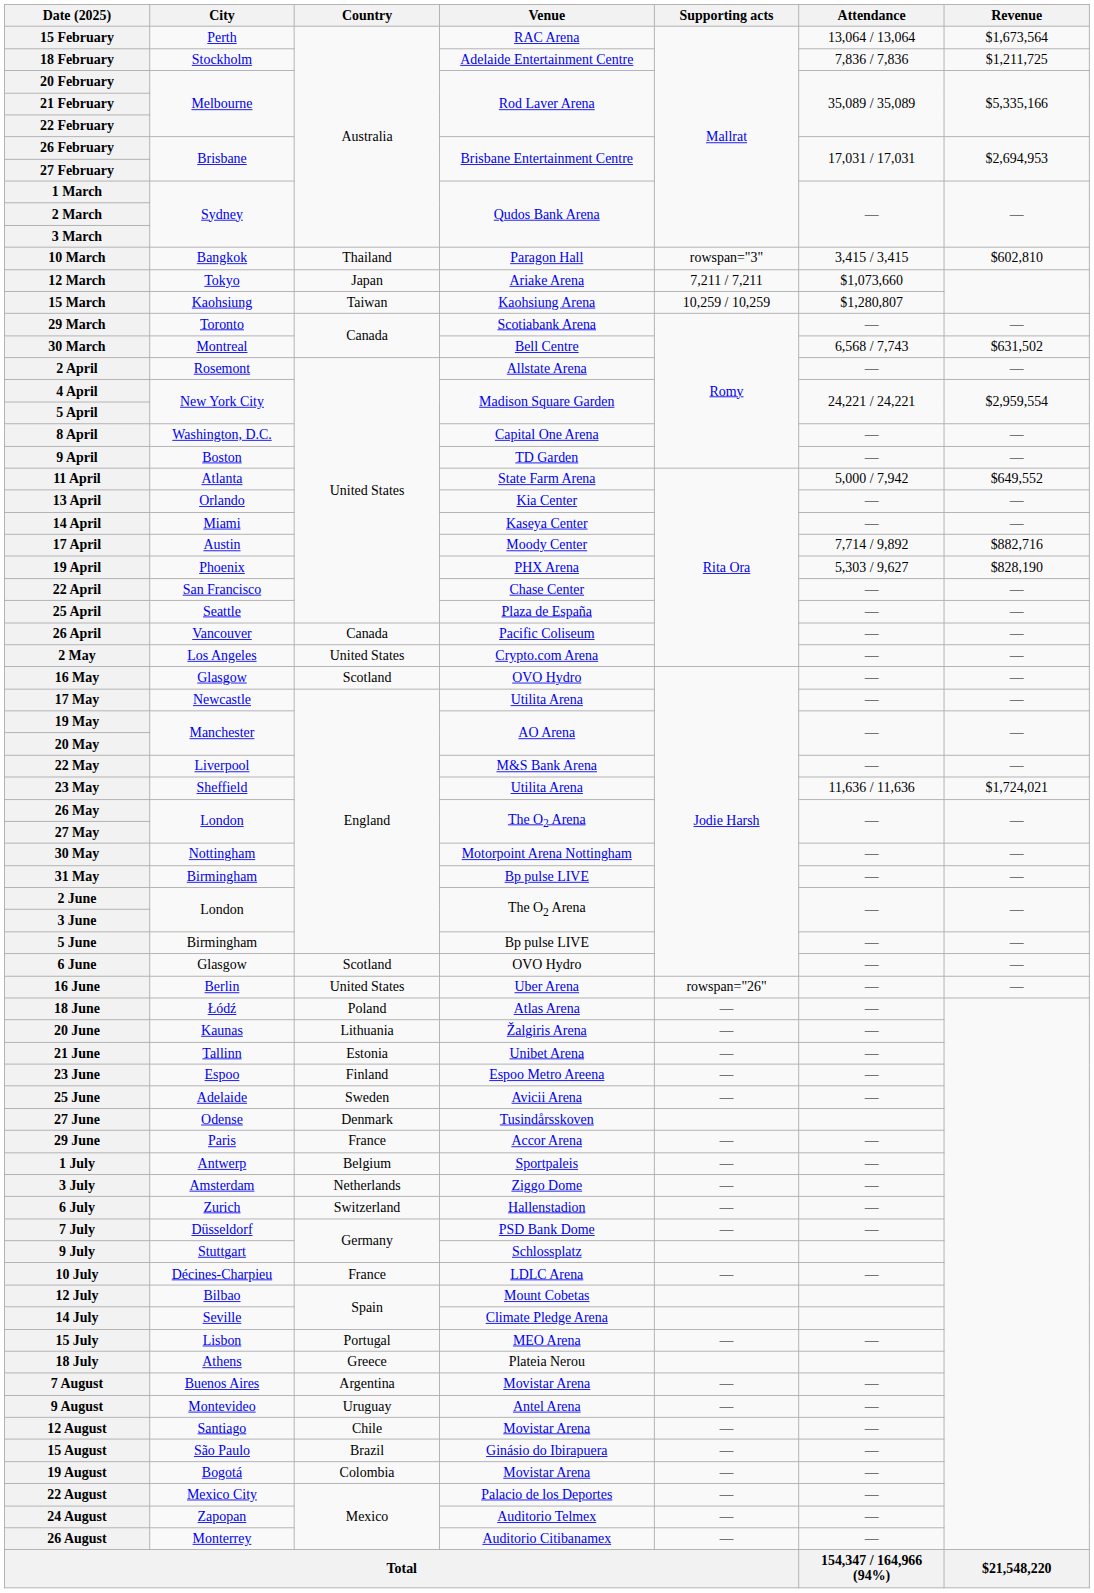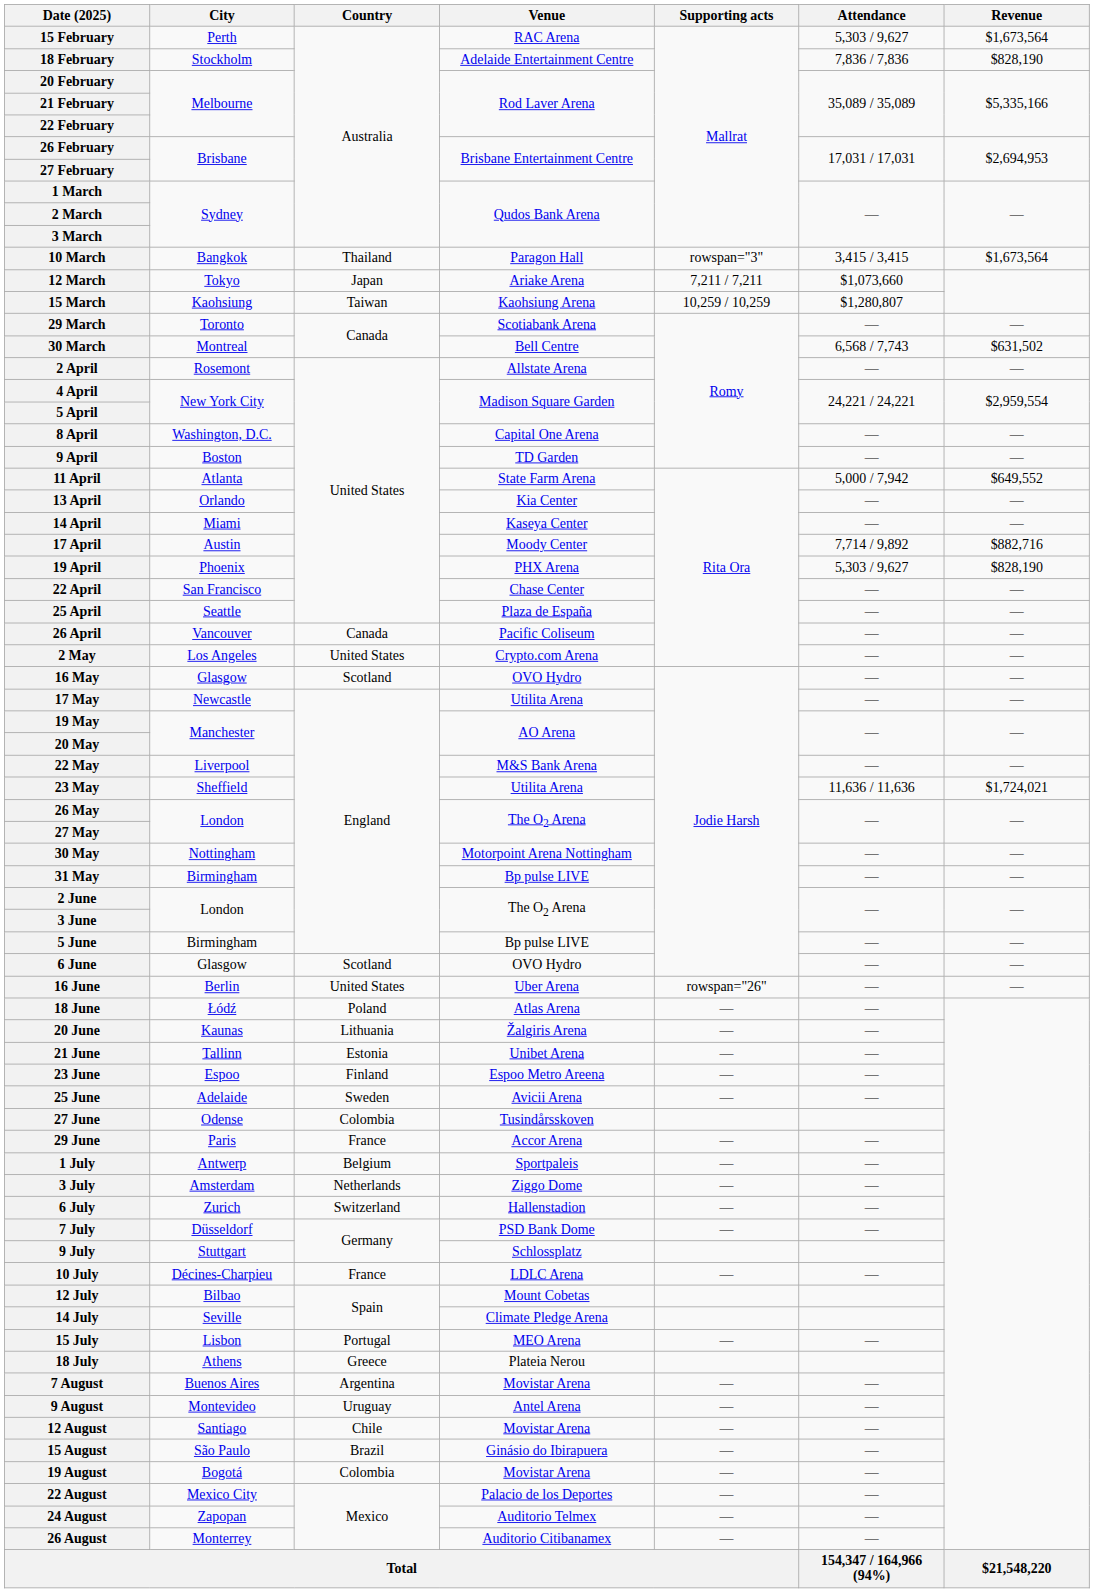 <table class="wikitable plainrowheaders" style="text-align:center;">
 <tr>
 <th scope="col" style="width:10em;">Date (2025)</th>
 <th scope="col" style="width:10em;">City</th>
 <th scope="col" style="width:10em;">Country</th>
 <th scope="col" style="width:15em;">Venue</th>
 <th scope="col" style="width:10em;">Supporting acts</th>
 <th scope="col" style="width:10em;">Attendance</th>
 <th scope="col" style="width:10em;">Revenue</th>
 </tr>
 <tr>
 <th scope="row" style="text-align:center;">15 February</th>
 <td><a href='#'>Perth</a></td>
 <td rowspan="10">Australia</td>
 <td><a href='#'>RAC Arena</a></td>
 <td rowspan="10"><a href='#'>Mallrat</a></td>
-<td>13,064 / 13,064</td>
+<td>5,303 / 9,627</td>
 <td>$1,673,564</td>
 </tr>
 <tr>
 <th scope="row" style="text-align:center;">18 February</th>
 <td><a href='#'>Stockholm</a></td>
 <td><a href='#'>Adelaide Entertainment Centre</a></td>
 <td>7,836 / 7,836</td>
-<td>$1,211,725</td>
+<td>$828,190</td>
 </tr>
 <tr>
 <th scope="row" style="text-align:center;">20 February</th>
 <td rowspan="3"><a href='#'>Melbourne</a></td>
 <td rowspan="3"><a href='#'>Rod Laver Arena</a></td>
 <td rowspan="3">35,089 / 35,089</td>
 <td rowspan="3">$5,335,166</td>
 </tr>
 <tr>
 <th scope="row" style="text-align:center;">21 February</th>
 </tr>
 <tr>
 <th scope="row" style="text-align:center;">22 February</th>
 </tr>
 <tr>
 <th scope="row" style="text-align:center;">26 February</th>
 <td rowspan="2"><a href='#'>Brisbane</a></td>
 <td rowspan="2"><a href='#'>Brisbane Entertainment Centre</a></td>
 <td rowspan="2">17,031 / 17,031</td>
 <td rowspan="2">$2,694,953</td>
 </tr>
 <tr>
 <th scope="row" style="text-align:center;">27 February</th>
 </tr>
 <tr>
 <th scope="row" style="text-align:center;">1 March</th>
 <td rowspan="3"><a href='#'>Sydney</a></td>
 <td rowspan="3"><a href='#'>Qudos Bank Arena</a></td>
 <td rowspan="3">—</td>
 <td rowspan="3">—</td>
 </tr>
 <tr>
 <th scope="row" style="text-align:center;">2 March</th>
 </tr>
 <tr>
 <th scope="row" style="text-align:center;">3 March</th>
 </tr>
 <tr>
 <th scope="row" style="text-align:center;">10 March</th>
 <td><a href='#'>Bangkok</a></td>
 <td>Thailand</td>
 <td><a href='#'>Paragon Hall</a></td>
 <td>rowspan="3" </td>
 <td>3,415 / 3,415</td>
-<td>$602,810</td>
+<td>$1,673,564</td>
 </tr>
 <tr>
 <th scope="row" style="text-align:center;">12 March</th>
 <td><a href='#'>Tokyo</a></td>
 <td>Japan</td>
 <td><a href='#'>Ariake Arena</a></td>
 <td>7,211 / 7,211</td>
 <td>$1,073,660</td>
 </tr>
 <tr>
 <th scope="row" style="text-align:center;">15 March</th>
 <td><a href='#'>Kaohsiung</a></td>
 <td>Taiwan</td>
 <td><a href='#'>Kaohsiung Arena</a></td>
 <td>10,259 / 10,259</td>
 <td>$1,280,807</td>
 </tr>
 <tr>
 <th scope="row" style="text-align:center;">29 March</th>
 <td><a href='#'>Toronto</a></td>
 <td rowspan="2">Canada</td>
 <td><a href='#'>Scotiabank Arena</a></td>
 <td rowspan="7"><a href='#'>Romy</a></td>
 <td>—</td>
 <td>—</td>
 </tr>
 <tr>
 <th scope="row" style="text-align:center;">30 March</th>
 <td><a href='#'>Montreal</a></td>
 <td><a href='#'>Bell Centre</a></td>
 <td>6,568 / 7,743</td>
 <td>$631,502</td>
 </tr>
 <tr>
 <th scope="row" style="text-align:center;">2 April</th>
 <td><a href='#'>Rosemont</a></td>
 <td rowspan="12">United States</td>
 <td><a href='#'>Allstate Arena</a></td>
 <td>—</td>
 <td>—</td>
 </tr>
 <tr>
 <th scope="row" style="text-align:center;">4 April</th>
 <td rowspan="2"><a href='#'>New York City</a></td>
 <td rowspan="2"><a href='#'>Madison Square Garden</a></td>
 <td rowspan="2">24,221 / 24,221</td>
 <td rowspan="2">$2,959,554</td>
 </tr>
 <tr>
 <th scope="row" style="text-align:center;">5 April</th>
 </tr>
 <tr>
 <th scope="row" style="text-align:center;">8 April</th>
 <td><a href='#'>Washington, D.C.</a></td>
 <td><a href='#'>Capital One Arena</a></td>
 <td>—</td>
 <td>—</td>
 </tr>
 <tr>
 <th scope="row" style="text-align:center;">9 April</th>
 <td><a href='#'>Boston</a></td>
 <td><a href='#'>TD Garden</a></td>
 <td>—</td>
 <td>—</td>
 </tr>
 <tr>
 <th scope="row" style="text-align:center;">11 April</th>
 <td><a href='#'>Atlanta</a></td>
 <td><a href='#'>State Farm Arena</a></td>
 <td rowspan="9"><a href='#'>Rita Ora</a></td>
 <td>5,000 / 7,942</td>
 <td>$649,552</td>
 </tr>
 <tr>
 <th scope="row" style="text-align:center;">13 April</th>
 <td><a href='#'>Orlando</a></td>
 <td><a href='#'>Kia Center</a></td>
 <td>—</td>
 <td>—</td>
 </tr>
 <tr>
 <th scope="row" style="text-align:center;">14 April</th>
 <td><a href='#'>Miami</a></td>
 <td><a href='#'>Kaseya Center</a></td>
 <td>—</td>
 <td>—</td>
 </tr>
 <tr>
 <th scope="row" style="text-align:center;">17 April</th>
 <td><a href='#'>Austin</a></td>
 <td><a href='#'>Moody Center</a></td>
 <td>7,714 / 9,892</td>
 <td>$882,716</td>
 </tr>
 <tr>
 <th scope="row" style="text-align:center;">19 April</th>
 <td><a href='#'>Phoenix</a></td>
 <td><a href='#'>PHX Arena</a></td>
 <td>5,303 / 9,627</td>
 <td>$828,190</td>
 </tr>
 <tr>
 <th scope="row" style="text-align:center;">22 April</th>
 <td><a href='#'>San Francisco</a></td>
 <td><a href='#'>Chase Center</a></td>
 <td>—</td>
 <td>—</td>
 </tr>
 <tr>
 <th scope="row" style="text-align:center;">25 April</th>
 <td><a href='#'>Seattle</a></td>
 <td><a href='#'>Plaza de España</a></td>
 <td>—</td>
 <td>—</td>
 </tr>
 <tr>
 <th scope="row" style="text-align:center;">26 April</th>
 <td><a href='#'>Vancouver</a></td>
 <td>Canada</td>
 <td><a href='#'>Pacific Coliseum</a></td>
 <td>—</td>
 <td>—</td>
 </tr>
 <tr>
 <th scope="row" style="text-align:center;">2 May</th>
 <td><a href='#'>Los Angeles</a></td>
 <td>United States</td>
 <td><a href='#'>Crypto.com Arena</a></td>
 <td>—</td>
 <td>—</td>
 </tr>
 <tr>
 <th scope="row" style="text-align:center;">16 May</th>
 <td><a href='#'>Glasgow</a></td>
 <td>Scotland</td>
 <td><a href='#'>OVO Hydro</a></td>
 <td rowspan="14"><a href='#'>Jodie Harsh</a></td>
 <td>—</td>
 <td>—</td>
 </tr>
 <tr>
 <th scope="row" style="text-align:center;">17 May</th>
 <td><a href='#'>Newcastle</a></td>
 <td rowspan="12">England</td>
 <td><a href='#'>Utilita Arena</a></td>
 <td>—</td>
 <td>—</td>
 </tr>
 <tr>
 <th scope="row" style="text-align:center;">19 May</th>
 <td rowspan="2"><a href='#'>Manchester</a></td>
 <td rowspan="2"><a href='#'>AO Arena</a></td>
 <td rowspan="2">—</td>
 <td rowspan="2">—</td>
 </tr>
 <tr>
 <th scope="row" style="text-align:center;">20 May</th>
 </tr>
 <tr>
 <th scope="row" style="text-align:center;">22 May</th>
 <td><a href='#'>Liverpool</a></td>
 <td><a href='#'>M&S Bank Arena</a></td>
 <td>—</td>
 <td>—</td>
 </tr>
 <tr>
 <th scope="row" style="text-align:center;">23 May</th>
 <td><a href='#'>Sheffield</a></td>
 <td><a href='#'>Utilita Arena</a></td>
 <td>11,636 / 11,636</td>
 <td>$1,724,021</td>
 </tr>
 <tr>
 <th scope="row" style="text-align:center;">26 May</th>
 <td rowspan="2"><a href='#'>London</a></td>
 <td rowspan="2"><a href='#'>The O<sub>2</sub> Arena</a></td>
 <td rowspan="2">—</td>
 <td rowspan="2">—</td>
 </tr>
 <tr>
 <th scope="row" style="text-align:center;">27 May</th>
 </tr>
 <tr>
 <th scope="row" style="text-align:center;">30 May</th>
 <td><a href='#'>Nottingham</a></td>
 <td><a href='#'>Motorpoint Arena Nottingham</a></td>
 <td>—</td>
 <td>—</td>
 </tr>
 <tr>
 <th scope="row" style="text-align:center;">31 May</th>
 <td><a href='#'>Birmingham</a></td>
 <td><a href='#'>Bp pulse LIVE</a></td>
 <td>—</td>
 <td>—</td>
 </tr>
 <tr>
 <th scope="row" style="text-align:center;">2 June</th>
 <td rowspan="2">London</td>
 <td rowspan="2">The O<sub>2</sub> Arena</td>
 <td rowspan="2">—</td>
 <td rowspan="2">—</td>
 </tr>
 <tr>
 <th scope="row" style="text-align:center;">3 June</th>
 </tr>
 <tr>
 <th scope="row" style="text-align:center;">5 June</th>
 <td>Birmingham</td>
 <td>Bp pulse LIVE</td>
 <td>—</td>
 <td>—</td>
 </tr>
 <tr>
 <th scope="row" style="text-align:center;">6 June</th>
 <td>Glasgow</td>
 <td>Scotland</td>
 <td>OVO Hydro</td>
 <td>—</td>
 <td>—</td>
 </tr>
 <tr>
 <th scope="row" style="text-align:center;">16 June</th>
 <td><a href='#'>Berlin</a></td>
 <td>United States</td>
 <td><a href='#'>Uber Arena</a></td>
 <td>rowspan="26" </td>
 <td>—</td>
 <td>—</td>
 </tr>
 <tr>
 <th scope="row" style="text-align:center;">18 June</th>
 <td><a href='#'>Łódź</a></td>
 <td>Poland</td>
 <td><a href='#'>Atlas Arena</a></td>
 <td>—</td>
 <td>—</td>
 </tr>
 <tr>
 <th scope="row" style="text-align:center;">20 June</th>
 <td><a href='#'>Kaunas</a></td>
 <td>Lithuania</td>
 <td><a href='#'>Žalgiris Arena</a></td>
 <td>—</td>
 <td>—</td>
 </tr>
 <tr>
 <th scope="row" style="text-align:center;">21 June</th>
 <td><a href='#'>Tallinn</a></td>
 <td>Estonia</td>
 <td><a href='#'>Unibet Arena</a></td>
 <td>—</td>
 <td>—</td>
 </tr>
 <tr>
 <th scope="row" style="text-align:center;">23 June</th>
 <td><a href='#'>Espoo</a></td>
 <td>Finland</td>
 <td><a href='#'>Espoo Metro Areena</a></td>
 <td>—</td>
 <td>—</td>
 </tr>
 <tr>
 <th scope="row" style="text-align:center;">25 June</th>
 <td><a href='#'>Adelaide</a></td>
 <td>Sweden</td>
 <td><a href='#'>Avicii Arena</a></td>
 <td>—</td>
 <td>—</td>
 </tr>
 <tr>
 <th scope="row" style="text-align:center;">27 June</th>
 <td><a href='#'>Odense</a></td>
-<td>Denmark</td>
+<td>Colombia</td>
 <td><a href='#'>Tusindårsskoven</a></td>
 <td></td>
 <td></td>
 </tr>
 <tr>
 <th scope="row" style="text-align:center;">29 June</th>
 <td><a href='#'>Paris</a></td>
 <td>France</td>
 <td><a href='#'>Accor Arena</a></td>
 <td>—</td>
 <td>—</td>
 </tr>
 <tr>
 <th scope="row" style="text-align:center;">1 July</th>
 <td><a href='#'>Antwerp</a></td>
 <td>Belgium</td>
 <td><a href='#'>Sportpaleis</a></td>
 <td>—</td>
 <td>—</td>
 </tr>
 <tr>
 <th scope="row" style="text-align:center;">3 July</th>
 <td><a href='#'>Amsterdam</a></td>
 <td>Netherlands</td>
 <td><a href='#'>Ziggo Dome</a></td>
 <td>—</td>
 <td>—</td>
 </tr>
 <tr>
 <th scope="row" style="text-align:center;">6 July</th>
 <td><a href='#'>Zurich</a></td>
 <td>Switzerland</td>
 <td><a href='#'>Hallenstadion</a></td>
 <td>—</td>
 <td>—</td>
 </tr>
 <tr>
 <th scope="row" style="text-align:center;">7 July</th>
 <td><a href='#'>Düsseldorf</a></td>
 <td rowspan="2">Germany</td>
 <td><a href='#'>PSD Bank Dome</a></td>
 <td>—</td>
 <td>—</td>
 </tr>
 <tr>
 <th scope="row" style="text-align:center;">9 July</th>
 <td><a href='#'>Stuttgart</a></td>
 <td><a href='#'>Schlossplatz</a></td>
 <td></td>
 <td></td>
 </tr>
 <tr>
 <th scope="row" style="text-align:center;">10 July</th>
 <td><a href='#'>Décines-Charpieu</a></td>
 <td>France</td>
 <td><a href='#'>LDLC Arena</a></td>
 <td>—</td>
 <td>—</td>
 </tr>
 <tr>
 <th scope="row" style="text-align:center;">12 July</th>
 <td><a href='#'>Bilbao</a></td>
 <td rowspan="2">Spain</td>
 <td><a href='#'>Mount Cobetas</a></td>
 <td></td>
 <td></td>
 </tr>
 <tr>
 <th scope="row" style="text-align:center;">14 July</th>
 <td><a href='#'>Seville</a></td>
 <td><a href='#'>Climate Pledge Arena</a></td>
 <td></td>
 <td></td>
 </tr>
 <tr>
 <th scope="row" style="text-align:center;">15 July</th>
 <td><a href='#'>Lisbon</a></td>
 <td>Portugal</td>
 <td><a href='#'>MEO Arena</a></td>
 <td>—</td>
 <td>—</td>
 </tr>
 <tr>
 <th scope="row" style="text-align:center;">18 July</th>
 <td><a href='#'>Athens</a></td>
 <td>Greece</td>
 <td>Plateia Nerou</td>
 <td></td>
 <td></td>
 </tr>
 <tr>
 <th scope="row" style="text-align:center;">7 August</th>
 <td><a href='#'>Buenos Aires</a></td>
 <td>Argentina</td>
 <td><a href='#'>Movistar Arena</a></td>
 <td>—</td>
 <td>—</td>
 </tr>
 <tr>
 <th scope="row" style="text-align:center;">9 August</th>
 <td><a href='#'>Montevideo</a></td>
 <td>Uruguay</td>
 <td><a href='#'>Antel Arena</a></td>
 <td>—</td>
 <td>—</td>
 </tr>
 <tr>
 <th scope="row" style="text-align:center;">12 August</th>
 <td><a href='#'>Santiago</a></td>
 <td>Chile</td>
 <td><a href='#'>Movistar Arena</a></td>
 <td>—</td>
 <td>—</td>
 </tr>
 <tr>
 <th scope="row" style="text-align:center;">15 August</th>
 <td><a href='#'>São Paulo</a></td>
 <td>Brazil</td>
 <td><a href='#'>Ginásio do Ibirapuera</a></td>
 <td>—</td>
 <td>—</td>
 </tr>
 <tr>
 <th scope="row" style="text-align:center;">19 August</th>
 <td><a href='#'>Bogotá</a></td>
 <td>Colombia</td>
 <td><a href='#'>Movistar Arena</a></td>
 <td>—</td>
 <td>—</td>
 </tr>
 <tr>
 <th scope="row" style="text-align:center;">22 August</th>
 <td><a href='#'>Mexico City</a></td>
 <td rowspan="3">Mexico</td>
 <td><a href='#'>Palacio de los Deportes</a></td>
 <td>—</td>
 <td>—</td>
 </tr>
 <tr>
 <th scope="row" style="text-align:center;">24 August</th>
 <td><a href='#'>Zapopan</a></td>
 <td><a href='#'>Auditorio Telmex</a></td>
 <td>—</td>
 <td>—</td>
 </tr>
 <tr>
 <th scope="row" style="text-align:center;">26 August</th>
 <td><a href='#'>Monterrey</a></td>
 <td><a href='#'>Auditorio Citibanamex</a></td>
 <td>—</td>
 <td>—</td>
 </tr>
 <tr>
 <th colspan="5" scope="row" style="text-align:center;"><strong>Total</strong></th>
 <th>154,347 / 164,966 (94%)</th>
 <th>$21,548,220</th>
 </tr>
 </table>
